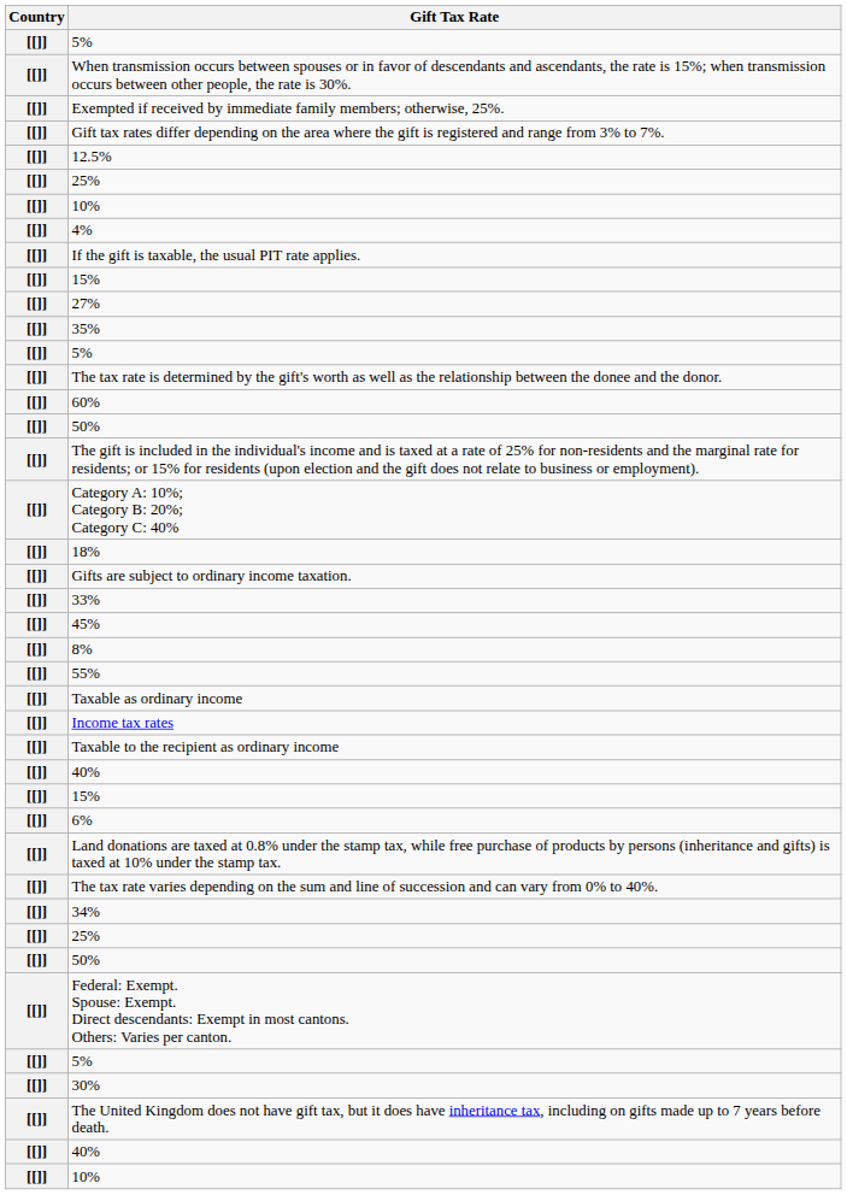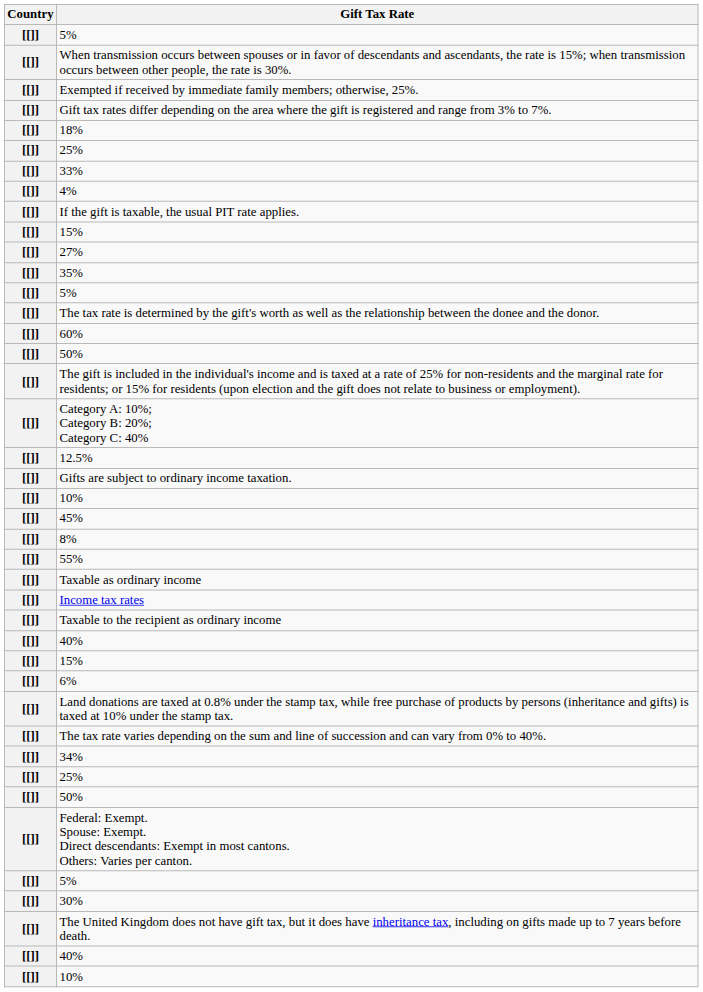 <table class="wikitable plainrowheaders sortable">
 <tr>
 <th scope="col">Country</th>
 <th scope="col">Gift Tax Rate</th>
 </tr>
 <tr>
 <th scope="row">[[]]</th>
 <td>5%</td>
 </tr>
 <tr>
 <th scope="row">[[]]</th>
 <td>When transmission occurs between spouses or in favor of descendants and ascendants, the rate is 15%; when transmission occurs between other people, the rate is 30%.</td>
 </tr>
 <tr>
 <th scope="row">[[]]</th>
 <td>Exempted if received by immediate family members; otherwise, 25%.</td>
 </tr>
 <tr>
 <th scope="row">[[]]</th>
 <td>Gift tax rates differ depending on the area where the gift is registered and range from 3% to 7%.</td>
 </tr>
 <tr>
 <th scope="row">[[]]</th>
-<td>12.5%</td>
+<td>18%</td>
 </tr>
 <tr>
 <th scope="row">[[]]</th>
 <td>25%</td>
 </tr>
 <tr>
 <th scope="row">[[]]</th>
-<td>10%</td>
+<td>33%</td>
 </tr>
 <tr>
 <th scope="row">[[]]</th>
 <td>4%</td>
 </tr>
 <tr>
 <th scope="row">[[]]</th>
 <td>If the gift is taxable, the usual PIT rate applies.</td>
 </tr>
 <tr>
 <th scope="row">[[]]</th>
 <td>15%</td>
 </tr>
 <tr>
 <th scope="row">[[]]</th>
 <td>27%</td>
 </tr>
 <tr>
 <th scope="row">[[]]</th>
 <td>35%</td>
 </tr>
 <tr>
 <th scope="row">[[]]</th>
 <td>5%</td>
 </tr>
 <tr>
 <th scope="row">[[]]</th>
 <td>The tax rate is determined by the gift's worth as well as the relationship between the donee and the donor.</td>
 </tr>
 <tr>
 <th scope="row">[[]]</th>
 <td>60%</td>
 </tr>
 <tr>
 <th scope="row">[[]]</th>
 <td>50%</td>
 </tr>
 <tr>
 <th scope="row">[[]]</th>
 <td>The gift is included in the individual's income and is taxed at a rate of 25% for non-residents and the marginal rate for residents; or 15% for residents (upon election and the gift does not relate to business or employment).</td>
 </tr>
 <tr>
 <th scope="row">[[]]</th>
 <td>Category A: 10%;<br>Category B: 20%;<br>Category C: 40%</td>
 </tr>
 <tr>
 <th scope="row">[[]]</th>
-<td>18%</td>
+<td>12.5%</td>
 </tr>
 <tr>
 <th scope="row">[[]]</th>
 <td>Gifts are subject to ordinary income taxation.</td>
 </tr>
 <tr>
 <th scope="row">[[]]</th>
-<td>33%</td>
+<td>10%</td>
 </tr>
 <tr>
 <th scope="row">[[]]</th>
 <td>45%</td>
 </tr>
 <tr>
 <th scope="row">[[]]</th>
 <td>8%</td>
 </tr>
 <tr>
 <th scope="row">[[]]</th>
 <td>55%</td>
 </tr>
 <tr>
 <th scope="row">[[]]</th>
 <td>Taxable as ordinary income</td>
 </tr>
 <tr>
 <th scope="row">[[]]</th>
 <td><a href='#'>Income tax rates</a></td>
 </tr>
 <tr>
 <th scope="row">[[]]</th>
 <td>Taxable to the recipient as ordinary income</td>
 </tr>
 <tr>
 <th scope="row">[[]]</th>
 <td>40%</td>
 </tr>
 <tr>
 <th scope="row">[[]]</th>
 <td>15%</td>
 </tr>
 <tr>
 <th scope="row">[[]]</th>
 <td>6%</td>
 </tr>
 <tr>
 <th scope="row">[[]]</th>
 <td>Land donations are taxed at 0.8% under the stamp tax, while free purchase of products by persons (inheritance and gifts) is taxed at 10% under the stamp tax.</td>
 </tr>
 <tr>
 <th scope="row">[[]]</th>
 <td>The tax rate varies depending on the sum and line of succession and can vary from 0% to 40%.</td>
 </tr>
 <tr>
 <th scope="row">[[]]</th>
 <td>34%</td>
 </tr>
 <tr>
 <th scope="row">[[]]</th>
 <td>25%</td>
 </tr>
 <tr>
 <th scope="row">[[]]</th>
 <td>50%</td>
 </tr>
 <tr>
 <th scope="row">[[]]</th>
 <td>Federal: Exempt.<br>Spouse: Exempt.<br>Direct descendants: Exempt in most cantons.<br>Others: Varies per canton.</td>
 </tr>
 <tr>
 <th scope="row">[[]]</th>
 <td>5%</td>
 </tr>
 <tr>
 <th scope="row">[[]]</th>
 <td>30%</td>
 </tr>
 <tr>
 <th scope="row">[[]]</th>
 <td>The United Kingdom does not have gift tax, but it does have <a href='#'>inheritance tax</a>, including on gifts made up to 7 years before death.</td>
 </tr>
 <tr>
 <th scope="row">[[]]</th>
 <td>40%</td>
 </tr>
 <tr>
 <th scope="row">[[]]</th>
 <td>10%</td>
 </tr>
 </table>
